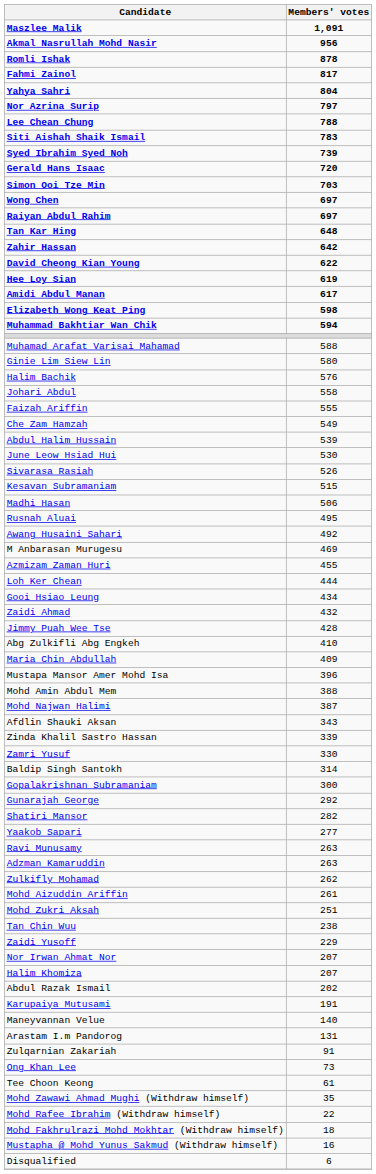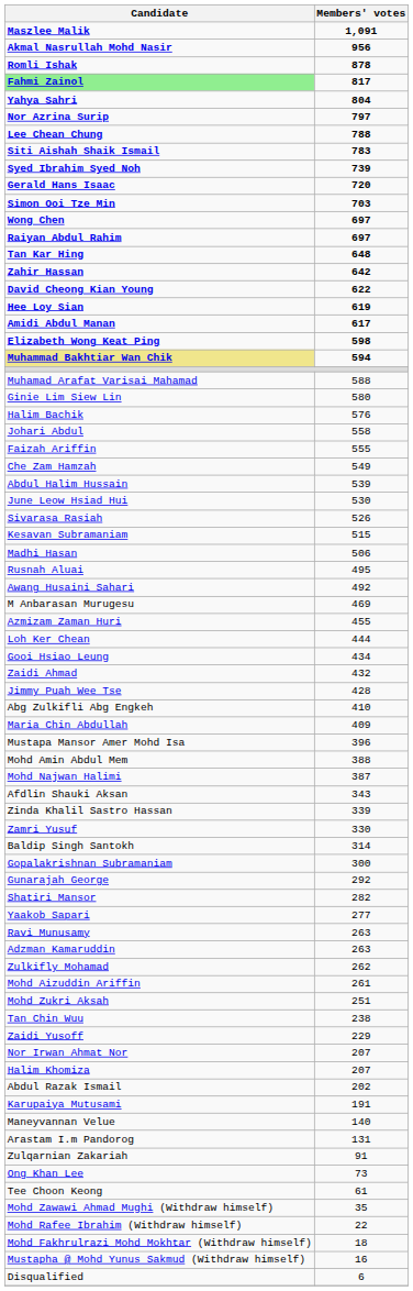 <table class="wikitable" style="text-align:center">
 <tr>
 <th>Candidate</th>
 <th>Members' votes</th>
 </tr>
 <tr>
 <td align=left><strong><a href='#'>Maszlee Malik</a></strong></td>
 <td><strong>1,091</strong></td>
 </tr>
 <tr>
 <td align=left><strong><a href='#'>Akmal Nasrullah Mohd Nasir</a></strong></td>
 <td><strong>956</strong></td>
 </tr>
 <tr>
 <td align=left><strong><a href='#'>Romli Ishak</a></strong></td>
 <td><strong>878</strong></td>
 </tr>
 <tr>
-<td align=left><strong><a href='#'>Fahmi Zainol</a></strong></td>
+<td align=left style="background: lightgreen;"><strong><a href='#'>Fahmi Zainol</a></strong></td>
 <td><strong>817</strong></td>
 </tr>
 <tr>
 <td align=left><strong><a href='#'>Yahya Sahri</a></strong></td>
 <td><strong>804</strong></td>
 </tr>
 <tr>
 <td align=left><strong><a href='#'>Nor Azrina Surip</a></strong></td>
 <td><strong>797</strong></td>
 </tr>
 <tr>
 <td align=left><strong><a href='#'>Lee Chean Chung</a></strong></td>
 <td><strong>788</strong></td>
 </tr>
 <tr>
 <td align=left><strong><a href='#'>Siti Aishah Shaik Ismail</a></strong></td>
 <td><strong>783</strong></td>
 </tr>
 <tr>
 <td align=left><strong><a href='#'>Syed Ibrahim Syed Noh</a></strong></td>
 <td><strong>739</strong></td>
 </tr>
 <tr>
 <td align=left><strong><a href='#'>Gerald Hans Isaac</a></strong></td>
 <td><strong>720</strong></td>
 </tr>
 <tr>
 <td align=left><strong><a href='#'>Simon Ooi Tze Min</a></strong></td>
 <td><strong>703</strong></td>
 </tr>
 <tr>
 <td align=left><strong><a href='#'>Wong Chen</a></strong></td>
 <td><strong>697</strong></td>
 </tr>
 <tr>
 <td align=left><strong><a href='#'>Raiyan Abdul Rahim</a></strong></td>
 <td><strong>697</strong></td>
 </tr>
 <tr>
 <td align=left><strong><a href='#'>Tan Kar Hing</a></strong></td>
 <td><strong>648</strong></td>
 </tr>
 <tr>
 <td align=left><strong><a href='#'>Zahir Hassan</a></strong></td>
 <td><strong>642</strong></td>
 </tr>
 <tr>
 <td align=left><strong><a href='#'>David Cheong Kian Young</a></strong></td>
 <td><strong>622</strong></td>
 </tr>
 <tr>
 <td align=left><strong><a href='#'>Hee Loy Sian</a></strong></td>
 <td><strong>619</strong></td>
 </tr>
 <tr>
 <td align=left><strong><a href='#'>Amidi Abdul Manan</a></strong></td>
 <td><strong>617</strong></td>
 </tr>
 <tr>
 <td align=left><strong><a href='#'>Elizabeth Wong Keat Ping</a></strong></td>
 <td><strong>598</strong></td>
 </tr>
 <tr>
-<td align=left><strong><a href='#'>Muhammad Bakhtiar Wan Chik</a></strong></td>
+<td align=left style="background: khaki;"><strong><a href='#'>Muhammad Bakhtiar Wan Chik</a></strong></td>
 <td><strong>594</strong></td>
 </tr>
 <tr>
 <td colspan=3 bgcolor=dcdcdc></td>
 </tr>
 <tr>
 <td align=left><a href='#'>Muhamad Arafat Varisai Mahamad</a></td>
 <td>588</td>
 </tr>
 <tr>
 <td align=left><a href='#'>Ginie Lim Siew Lin</a></td>
 <td>580</td>
 </tr>
 <tr>
 <td align=left><a href='#'>Halim Bachik</a></td>
 <td>576</td>
 </tr>
 <tr>
 <td align=left><a href='#'>Johari Abdul</a></td>
 <td>558</td>
 </tr>
 <tr>
 <td align=left><a href='#'>Faizah Ariffin</a></td>
 <td>555</td>
 </tr>
 <tr>
 <td align=left><a href='#'>Che Zam Hamzah</a></td>
 <td>549</td>
 </tr>
 <tr>
 <td align=left><a href='#'>Abdul Halim Hussain</a></td>
 <td>539</td>
 </tr>
 <tr>
 <td align=left><a href='#'>June Leow Hsiad Hui</a></td>
 <td>530</td>
 </tr>
 <tr>
 <td align=left><a href='#'>Sivarasa Rasiah</a></td>
 <td>526</td>
 </tr>
 <tr>
 <td align=left><a href='#'>Kesavan Subramaniam</a></td>
 <td>515</td>
 </tr>
 <tr>
 <td align=left><a href='#'>Madhi Hasan</a></td>
 <td>506</td>
 </tr>
 <tr>
 <td align=left><a href='#'>Rusnah Aluai</a></td>
 <td>495</td>
 </tr>
 <tr>
 <td align=left><a href='#'>Awang Husaini Sahari</a></td>
 <td>492</td>
 </tr>
 <tr>
 <td align=left>M Anbarasan Murugesu</td>
 <td>469</td>
 </tr>
 <tr>
 <td align=left><a href='#'>Azmizam Zaman Huri</a></td>
 <td>455</td>
 </tr>
 <tr>
 <td align=left><a href='#'>Loh Ker Chean</a></td>
 <td>444</td>
 </tr>
 <tr>
 <td align=left><a href='#'>Gooi Hsiao Leung</a></td>
 <td>434</td>
 </tr>
 <tr>
 <td align=left><a href='#'>Zaidi Ahmad</a></td>
 <td>432</td>
 </tr>
 <tr>
 <td align=left><a href='#'>Jimmy Puah Wee Tse</a></td>
 <td>428</td>
 </tr>
 <tr>
 <td align=left>Abg Zulkifli Abg Engkeh</td>
 <td>410</td>
 </tr>
 <tr>
 <td align=left><a href='#'>Maria Chin Abdullah</a></td>
 <td>409</td>
 </tr>
 <tr>
 <td align=left>Mustapa Mansor Amer Mohd Isa</td>
 <td>396</td>
 </tr>
 <tr>
 <td align=left>Mohd Amin Abdul Mem</td>
 <td>388</td>
 </tr>
 <tr>
 <td align=left><a href='#'>Mohd Najwan Halimi</a></td>
 <td>387</td>
 </tr>
 <tr>
 <td align=left>Afdlin Shauki Aksan</td>
 <td>343</td>
 </tr>
 <tr>
 <td align=left>Zinda Khalil Sastro Hassan</td>
 <td>339</td>
 </tr>
 <tr>
 <td align=left><a href='#'>Zamri Yusuf</a></td>
 <td>330</td>
 </tr>
 <tr>
 <td align=left>Baldip Singh Santokh</td>
 <td>314</td>
 </tr>
 <tr>
 <td align=left><a href='#'>Gopalakrishnan Subramaniam</a></td>
 <td>300</td>
 </tr>
 <tr>
 <td align=left><a href='#'>Gunarajah George</a></td>
 <td>292</td>
 </tr>
 <tr>
 <td align=left><a href='#'>Shatiri Mansor</a></td>
 <td>282</td>
 </tr>
 <tr>
 <td align=left><a href='#'>Yaakob Sapari</a></td>
 <td>277</td>
 </tr>
 <tr>
 <td align=left><a href='#'>Ravi Munusamy</a></td>
 <td>263</td>
 </tr>
 <tr>
 <td align=left><a href='#'>Adzman Kamaruddin</a></td>
 <td>263</td>
 </tr>
 <tr>
 <td align=left><a href='#'>Zulkifly Mohamad</a></td>
 <td>262</td>
 </tr>
 <tr>
 <td align=left><a href='#'>Mohd Aizuddin Ariffin</a></td>
 <td>261</td>
 </tr>
 <tr>
 <td align=left><a href='#'>Mohd Zukri Aksah</a></td>
 <td>251</td>
 </tr>
 <tr>
 <td align=left><a href='#'>Tan Chin Wuu</a></td>
 <td>238</td>
 </tr>
 <tr>
 <td align=left><a href='#'>Zaidi Yusoff</a></td>
 <td>229</td>
 </tr>
 <tr>
 <td align=left><a href='#'>Nor Irwan Ahmat Nor</a></td>
 <td>207</td>
 </tr>
 <tr>
 <td align=left><a href='#'>Halim Khomiza</a></td>
 <td>207</td>
 </tr>
 <tr>
 <td align=left>Abdul Razak Ismail</td>
 <td>202</td>
 </tr>
 <tr>
 <td align=left><a href='#'>Karupaiya Mutusami</a></td>
 <td>191</td>
 </tr>
 <tr>
 <td align=left>Maneyvannan Velue</td>
 <td>140</td>
 </tr>
 <tr>
 <td align=left>Arastam I.m Pandorog</td>
 <td>131</td>
 </tr>
 <tr>
 <td align=left>Zulqarnian Zakariah</td>
 <td>91</td>
 </tr>
 <tr>
 <td align=left><a href='#'>Ong Khan Lee</a></td>
 <td>73</td>
 </tr>
 <tr>
 <td align=left>Tee Choon Keong</td>
 <td>61</td>
 </tr>
 <tr>
 <td align=left><a href='#'>Mohd Zawawi Ahmad Mughi</a> (Withdraw himself)</td>
 <td>35</td>
 </tr>
 <tr>
 <td align=left><a href='#'>Mohd Rafee Ibrahim</a> (Withdraw himself)</td>
 <td>22</td>
 </tr>
 <tr>
 <td align=left><a href='#'>Mohd Fakhrulrazi Mohd Mokhtar</a> (Withdraw himself)</td>
 <td>18</td>
 </tr>
 <tr>
 <td align=left><a href='#'>Mustapha @ Mohd Yunus Sakmud</a> (Withdraw himself)</td>
 <td>16</td>
 </tr>
 <tr>
 <td align=left>Disqualified</td>
 <td>6</td>
 </tr>
 <tr>
 </tr>
 </table>
